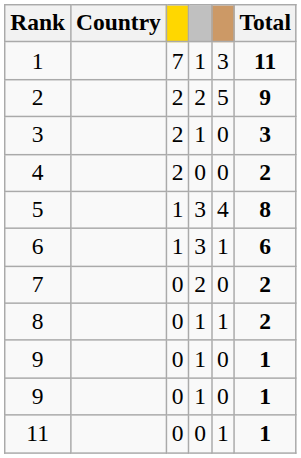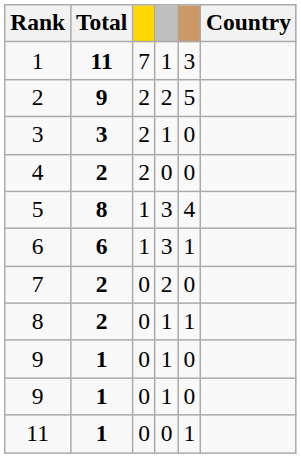 <table class="wikitable sortable" style="text-align:center">
 <tr>
 <th>Rank</th>
-<th>Country</th>
+<th>Total</th>
 <td bgcolor="gold"></td>
 <td bgcolor="silver"></td>
 <td bgcolor="CC9966"></td>
-<th>Total</th>
+<th>Country</th>
 </tr>
 <tr>
 <td>1</td>
-<td align=left></td>
+<td><strong>11</strong></td>
 <td>7</td>
 <td>1</td>
 <td>3</td>
-<td><strong>11</strong></td>
+<td align=left></td>
 </tr>
 <tr>
 <td>2</td>
-<td align=left></td>
+<td><strong>9</strong></td>
 <td>2</td>
 <td>2</td>
 <td>5</td>
-<td><strong>9</strong></td>
+<td align=left></td>
 </tr>
 <tr>
 <td>3</td>
-<td align=left></td>
+<td><strong>3</strong></td>
 <td>2</td>
 <td>1</td>
 <td>0</td>
-<td><strong>3</strong></td>
+<td align=left></td>
 </tr>
 <tr>
 <td>4</td>
-<td align=left></td>
+<td><strong>2</strong></td>
 <td>2</td>
 <td>0</td>
 <td>0</td>
-<td><strong>2</strong></td>
+<td align=left></td>
 </tr>
 <tr>
 <td>5</td>
-<td align=left></td>
+<td><strong>8</strong></td>
 <td>1</td>
 <td>3</td>
 <td>4</td>
-<td><strong>8</strong></td>
+<td align=left></td>
 </tr>
 <tr>
 <td>6</td>
-<td align=left></td>
+<td><strong>6</strong></td>
 <td>1</td>
 <td>3</td>
 <td>1</td>
-<td><strong>6</strong></td>
+<td align=left></td>
 </tr>
 <tr>
 <td>7</td>
-<td align=left></td>
+<td><strong>2</strong></td>
 <td>0</td>
 <td>2</td>
 <td>0</td>
-<td><strong>2</strong></td>
+<td align=left></td>
 </tr>
 <tr>
 <td>8</td>
-<td align=left></td>
+<td><strong>2</strong></td>
 <td>0</td>
 <td>1</td>
 <td>1</td>
-<td><strong>2</strong></td>
+<td align=left></td>
 </tr>
 <tr>
 <td>9</td>
-<td align=left></td>
+<td><strong>1</strong></td>
 <td>0</td>
 <td>1</td>
 <td>0</td>
-<td><strong>1</strong></td>
+<td align=left></td>
 </tr>
 <tr>
 <td>9</td>
-<td align=left></td>
+<td><strong>1</strong></td>
 <td>0</td>
 <td>1</td>
 <td>0</td>
-<td><strong>1</strong></td>
+<td align=left></td>
 </tr>
 <tr>
 <td>11</td>
-<td align=left></td>
+<td><strong>1</strong></td>
 <td>0</td>
 <td>0</td>
 <td>1</td>
-<td><strong>1</strong></td>
+<td align=left></td>
 </tr>
 </table>
